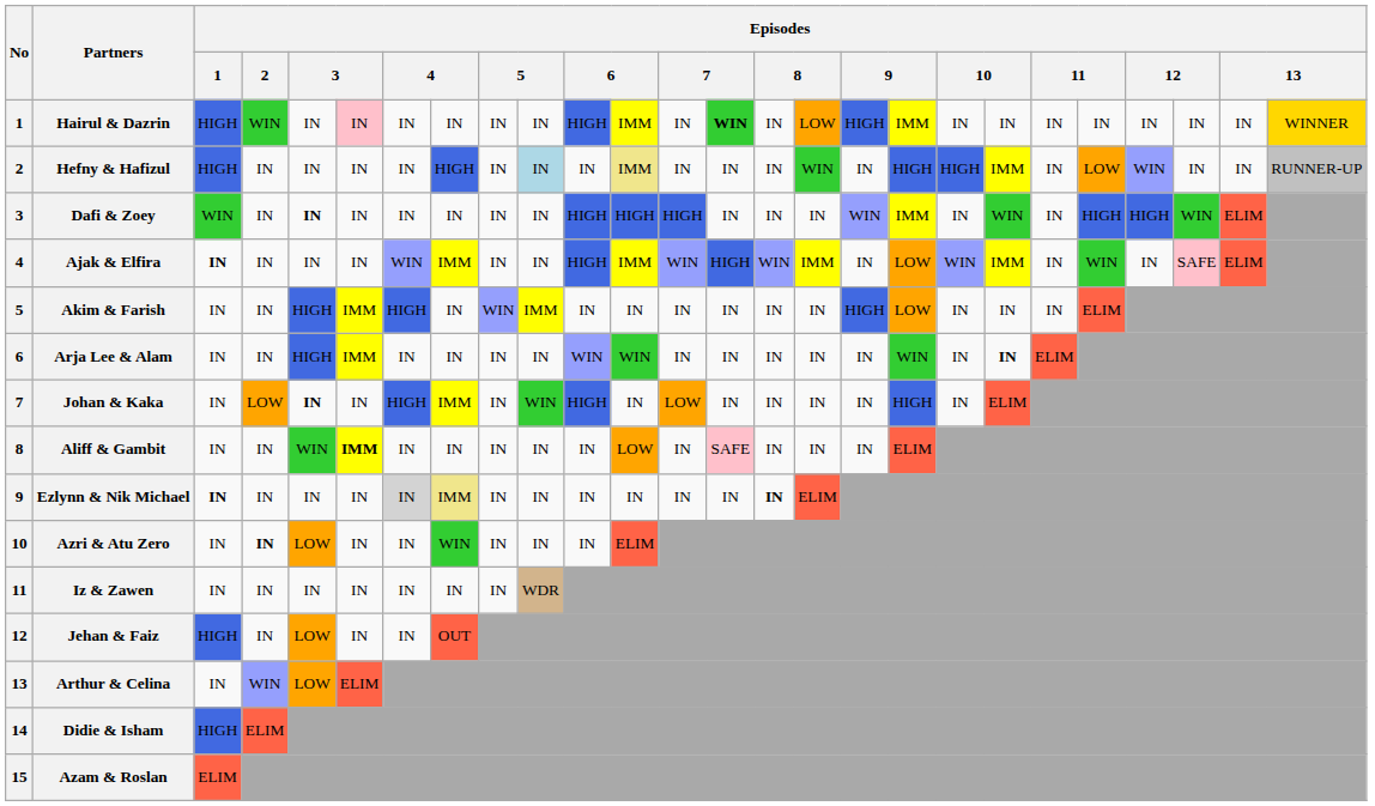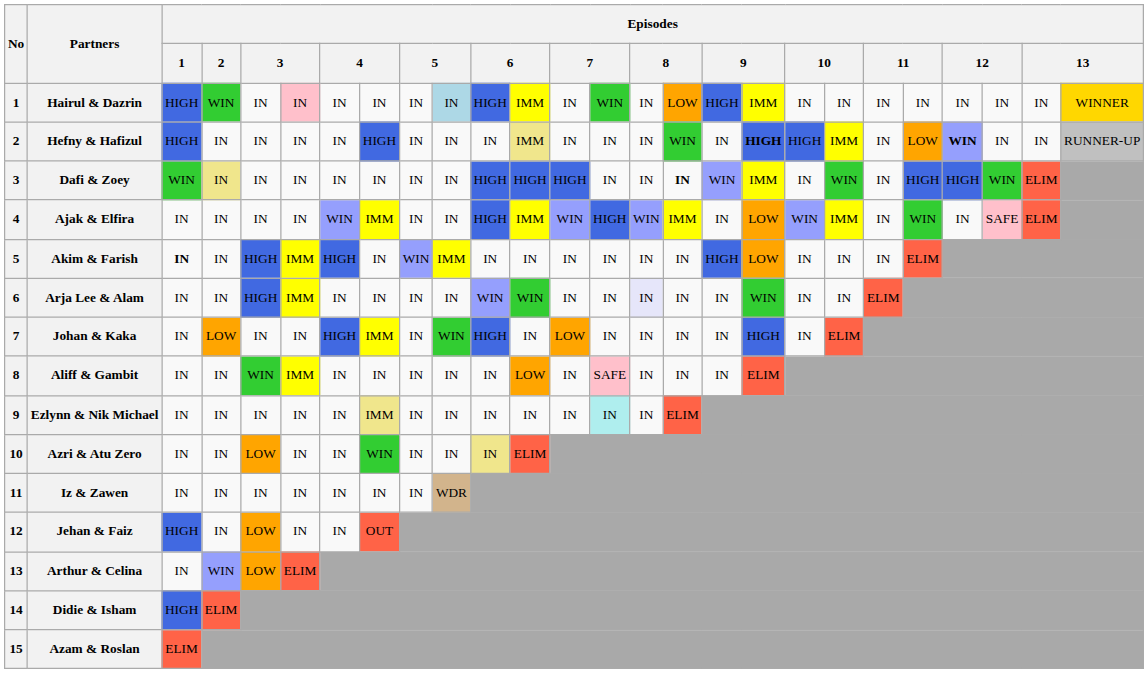 <table class="wikitable" style="text-align: center; font-size: 8pt; line-height:26px;">
 <tr>
 <th rowspan=2>No</th>
 <th rowspan=2>Partners</th>
 <th colspan=25>Episodes</th>
 </tr>
 <tr>
 <th>1</th>
 <th>2</th>
 <th colspan=2>3</th>
 <th colspan=2>4</th>
 <th colspan=2>5</th>
 <th colspan=2>6</th>
 <th colspan=2>7</th>
 <th colspan=2>8</th>
 <th colspan=2>9</th>
 <th colspan=2>10</th>
 <th colspan=2>11</th>
 <th colspan=2>12</th>
 <th colspan=2>13</th>
 </tr>
 <tr>
 <th>1</th>
 <th>Hairul & Dazrin</th>
 <td style="background:royalblue;">HIGH</td>
 <td style="background:limegreen;">WIN</td>
 <td>IN</td>
 <td style="background: pink;">IN</td>
 <td>IN</td>
 <td>IN</td>
 <td>IN</td>
-<td>IN</td>
+<td style="background: lightblue;">IN</td>
 <td style="background:royalblue;">HIGH</td>
 <td style="background:yellow;">IMM</td>
 <td>IN</td>
-<td style="background:limegreen;"><strong>WIN</strong></td>
+<td style="background:limegreen;">WIN</td>
 <td>IN</td>
 <td style="background:orange;">LOW</td>
 <td style="background:royalblue;">HIGH</td>
 <td style="background:yellow;">IMM</td>
 <td>IN</td>
 <td>IN</td>
 <td>IN</td>
 <td>IN</td>
 <td>IN</td>
 <td>IN</td>
 <td>IN</td>
 <td style="background:gold;">WINNER</td>
 </tr>
 <tr>
 <th>2</th>
 <th>Hefny & Hafizul</th>
 <td style="background:royalblue;">HIGH</td>
 <td>IN</td>
 <td>IN</td>
 <td>IN</td>
 <td>IN</td>
 <td style="background:royalblue;">HIGH</td>
 <td>IN</td>
-<td style="background: lightblue;">IN</td>
+<td>IN</td>
 <td>IN</td>
 <td style="background:khaki;">IMM</td>
 <td>IN</td>
 <td>IN</td>
 <td>IN</td>
 <td style="background:limegreen;">WIN</td>
 <td>IN</td>
-<td style="background:royalblue;">HIGH</td>
+<td style="background:royalblue;"><strong>HIGH</strong></td>
 <td style="background:royalblue;">HIGH</td>
 <td style="background:yellow;">IMM</td>
 <td>IN</td>
 <td style="background:orange;">LOW</td>
-<td style="background:#959FFD;">WIN</td>
+<td style="background:#959FFD;"><strong>WIN</strong></td>
 <td>IN</td>
 <td>IN</td>
 <td style="background:silver;">RUNNER-UP</td>
 </tr>
 <tr>
 <th>3</th>
 <th>Dafi & Zoey</th>
 <td style="background:limegreen;">WIN</td>
+<td style="background: khaki;">IN</td>
 <td>IN</td>
-<td><strong>IN</strong></td>
 <td>IN</td>
 <td>IN</td>
 <td>IN</td>
 <td>IN</td>
 <td>IN</td>
 <td style="background:royalblue;">HIGH</td>
 <td style="background:royalblue;">HIGH</td>
 <td style="background:royalblue;">HIGH</td>
 <td>IN</td>
 <td>IN</td>
-<td>IN</td>
+<td><strong>IN</strong></td>
 <td style="background:#959FFD;">WIN</td>
 <td style="background:yellow;">IMM</td>
 <td>IN</td>
 <td style="background:limegreen;">WIN</td>
 <td>IN</td>
 <td style="background:royalblue;">HIGH</td>
 <td style="background:royalblue;">HIGH</td>
 <td style="background:limegreen;">WIN</td>
 <td style="background:tomato;">ELIM</td>
 <td colspan="17" style="background:darkgrey"></td>
 </tr>
 <tr>
 <th>4</th>
 <th>Ajak & Elfira</th>
-<td><strong>IN</strong></td>
+<td>IN</td>
 <td>IN</td>
 <td>IN</td>
 <td>IN</td>
 <td style="background:#959FFD;">WIN</td>
 <td style="background:yellow;">IMM</td>
 <td>IN</td>
 <td>IN</td>
 <td style="background:royalblue;">HIGH</td>
 <td style="background:yellow;">IMM</td>
 <td style="background:#959FFD;">WIN</td>
 <td style="background:royalblue;">HIGH</td>
 <td style="background:#959FFD;">WIN</td>
 <td style="background:yellow;">IMM</td>
 <td>IN</td>
 <td style="background:orange;">LOW</td>
 <td style="background:#959FFD;">WIN</td>
 <td style="background:yellow;">IMM</td>
 <td>IN</td>
 <td style="background:limegreen;">WIN</td>
 <td>IN</td>
 <td style="background:pink;">SAFE</td>
 <td style="background:tomato;">ELIM</td>
 <td colspan="17" style="background:darkgrey"></td>
 </tr>
 <tr>
 <th>5</th>
 <th>Akim & Farish</th>
-<td>IN</td>
+<td><strong>IN</strong></td>
 <td>IN</td>
 <td style="background:royalblue;">HIGH</td>
 <td style="background:yellow;">IMM</td>
 <td style="background:royalblue;">HIGH</td>
 <td>IN</td>
 <td style="background:#959FFD;">WIN</td>
 <td style="background:yellow;">IMM</td>
 <td>IN</td>
 <td>IN</td>
 <td>IN</td>
 <td>IN</td>
 <td>IN</td>
 <td>IN</td>
 <td style="background:royalblue;">HIGH</td>
 <td style="background:orange;">LOW</td>
 <td>IN</td>
 <td>IN</td>
 <td>IN</td>
 <td style="background:tomato;">ELIM</td>
 <td colspan="17" style="background:darkgrey"></td>
 </tr>
 <tr>
 <th>6</th>
 <th>Arja Lee & Alam</th>
 <td>IN</td>
 <td>IN</td>
 <td style="background:royalblue;">HIGH</td>
 <td style="background:yellow;">IMM</td>
 <td>IN</td>
 <td>IN</td>
 <td>IN</td>
 <td>IN</td>
 <td style="background:#959FFD;">WIN</td>
 <td style="background:limegreen;">WIN</td>
 <td>IN</td>
 <td>IN</td>
-<td>IN</td>
+<td style="background: lavender;">IN</td>
 <td>IN</td>
 <td>IN</td>
 <td style="background:limegreen;">WIN</td>
 <td>IN</td>
-<td><strong>IN</strong></td>
+<td>IN</td>
 <td style="background:tomato;">ELIM</td>
 <td colspan="17" style="background:darkgrey"></td>
 </tr>
 <tr>
 <th>7</th>
 <th>Johan & Kaka</th>
 <td>IN</td>
 <td style="background:orange;">LOW</td>
-<td><strong>IN</strong></td>
+<td>IN</td>
 <td>IN</td>
 <td style="background:royalblue;">HIGH</td>
 <td style="background:yellow;">IMM</td>
 <td>IN</td>
 <td style="background:limegreen;">WIN</td>
 <td style="background:royalblue;">HIGH</td>
 <td>IN</td>
 <td style="background:orange;">LOW</td>
 <td>IN</td>
 <td>IN</td>
 <td>IN</td>
 <td>IN</td>
 <td style="background:royalblue;">HIGH</td>
 <td>IN</td>
 <td style="background:tomato;">ELIM</td>
 <td colspan="17" style="background:darkgrey"></td>
 </tr>
 <tr>
 <th>8</th>
 <th>Aliff & Gambit</th>
 <td>IN</td>
 <td>IN</td>
 <td style="background:limegreen;">WIN</td>
-<td style="background:yellow;"><strong>IMM</strong></td>
+<td style="background:yellow;">IMM</td>
 <td>IN</td>
 <td>IN</td>
 <td>IN</td>
 <td>IN</td>
 <td>IN</td>
 <td style="background:orange;">LOW</td>
 <td>IN</td>
 <td style="background:pink;">SAFE</td>
 <td>IN</td>
 <td>IN</td>
 <td>IN</td>
 <td style="background:tomato;">ELIM</td>
 <td colspan="16" style="background:darkgrey"></td>
 </tr>
 <tr>
 <th>9</th>
 <th>Ezlynn & Nik Michael</th>
-<td><strong>IN</strong></td>
 <td>IN</td>
 <td>IN</td>
 <td>IN</td>
-<td style="background: lightgrey;">IN</td>
+<td>IN</td>
+<td>IN</td>
 <td style="background:khaki;">IMM</td>
 <td>IN</td>
 <td>IN</td>
 <td>IN</td>
 <td>IN</td>
 <td>IN</td>
+<td style="background: paleturquoise;">IN</td>
 <td>IN</td>
-<td><strong>IN</strong></td>
 <td style="background:tomato;">ELIM</td>
 <td colspan="17" style="background:darkgrey"></td>
 </tr>
 <tr>
 <th>10</th>
 <th>Azri & Atu Zero</th>
 <td>IN</td>
-<td><strong>IN</strong></td>
+<td>IN</td>
 <td style="background:orange;">LOW</td>
 <td>IN</td>
 <td>IN</td>
 <td style="background:limegreen;">WIN</td>
 <td>IN</td>
 <td>IN</td>
-<td>IN</td>
+<td style="background: khaki;">IN</td>
 <td style="background:tomato;">ELIM</td>
 <td colspan="18" style="background:darkgrey"></td>
 </tr>
 <tr>
 <th>11</th>
 <th>Iz & Zawen</th>
 <td>IN</td>
 <td>IN</td>
 <td>IN</td>
 <td>IN</td>
 <td>IN</td>
 <td>IN</td>
 <td>IN</td>
 <td style="background:tan;">WDR</td>
 <td colspan="19" style="background:darkgrey"></td>
 </tr>
 <tr>
 <th>12</th>
 <th>Jehan & Faiz</th>
 <td style="background:royalblue;">HIGH</td>
 <td>IN</td>
 <td style="background:orange;">LOW</td>
 <td>IN</td>
 <td>IN</td>
 <td style="background:tomato;">OUT</td>
 <td colspan="20" style="background:darkgrey"></td>
 </tr>
 <tr>
 <th>13</th>
 <th>Arthur & Celina</th>
 <td>IN</td>
 <td style="background:#959FFD;">WIN</td>
 <td style="background:orange;">LOW</td>
 <td style="background:tomato;">ELIM</td>
 <td colspan="21" style="background:darkgrey"></td>
 </tr>
 <tr>
 <th>14</th>
 <th>Didie & Isham</th>
 <td style="background:royalblue;">HIGH</td>
 <td style="background:tomato;">ELIM</td>
 <td colspan="22" style="background:darkgrey"></td>
 </tr>
 <tr>
 <th>15</th>
 <th>Azam & Roslan</th>
 <td style="background:tomato;">ELIM</td>
 <td colspan="23" style="background:darkgrey"></td>
 </tr>
 </table>
